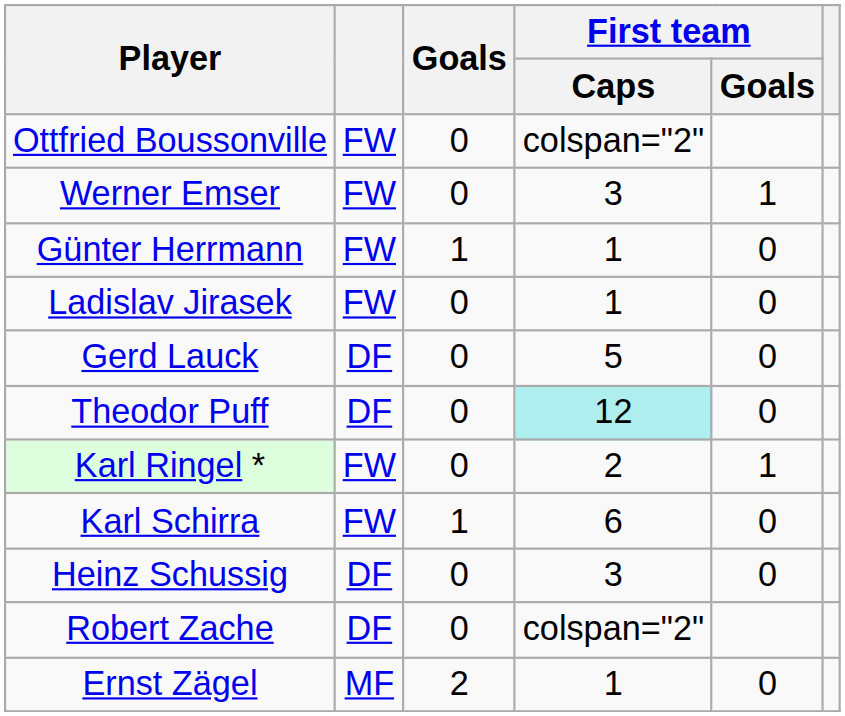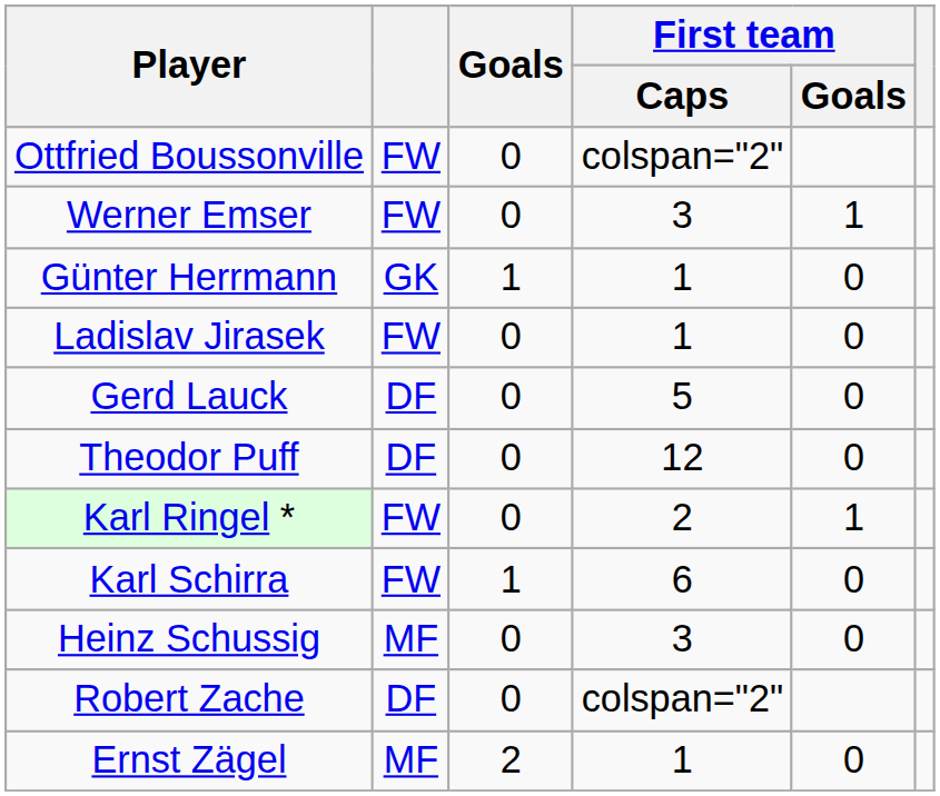 <table class="wikitable sortable" style="text-align:center">
 <tr>
 <th rowspan="2">Player</th>
 <th rowspan="2"></th>
 <th rowspan="2">Goals</th>
 <th colspan="2"><a href='#'>First team</a></th>
 <th class="unsortable" rowspan="2"></th>
 </tr>
 <tr class="unsortable">
 <th>Caps</th>
 <th>Goals</th>
 </tr>
 <tr>
 <td data-sort-value="Boussonville, Ottfried"><a href='#'>Ottfried Boussonville</a></td>
 <td data-sort-value="4"><a href='#'>FW</a></td>
 <td>0</td>
 <td>colspan="2" </td>
 <td></td>
 </tr>
 <tr>
 <td data-sort-value="Emser, Werner"><a href='#'>Werner Emser</a></td>
 <td data-sort-value="4"><a href='#'>FW</a></td>
 <td>0</td>
 <td>3</td>
 <td>1</td>
 <td></td>
 </tr>
 <tr>
 <td data-sort-value="Herrmann, Gunter"><a href='#'>Günter Herrmann</a></td>
-<td data-sort-value="4"><a href='#'>FW</a></td>
+<td data-sort-value="1"><a href='#'>GK</a></td>
 <td>1</td>
 <td>1</td>
 <td>0</td>
 <td></td>
 </tr>
 <tr>
 <td data-sort-value="Jirasek, Ladislav"><a href='#'>Ladislav Jirasek</a></td>
 <td data-sort-value="4"><a href='#'>FW</a></td>
 <td>0</td>
 <td>1</td>
 <td>0</td>
 <td></td>
 </tr>
 <tr>
 <td data-sort-value="Lauck, Gerd"><a href='#'>Gerd Lauck</a></td>
 <td data-sort-value="2"><a href='#'>DF</a></td>
 <td>0</td>
 <td>5</td>
 <td>0</td>
 <td></td>
 </tr>
 <tr>
 <td data-sort-value="Puff, Theodor"><a href='#'>Theodor Puff</a></td>
 <td data-sort-value="2"><a href='#'>DF</a></td>
 <td>0</td>
-<td style="background: paleturquoise;">12</td>
+<td>12</td>
 <td>0</td>
 <td></td>
 </tr>
 <tr>
 <td data-sort-value="Ringel, Karl" style="background:#DDFFDD"><a href='#'>Karl Ringel</a> *</td>
 <td data-sort-value="4"><a href='#'>FW</a></td>
 <td>0</td>
 <td>2</td>
 <td>1</td>
 <td></td>
 </tr>
 <tr>
 <td data-sort-value="Schirra, Karl"><a href='#'>Karl Schirra</a></td>
 <td data-sort-value="4"><a href='#'>FW</a></td>
 <td>1</td>
 <td>6</td>
 <td>0</td>
 <td></td>
 </tr>
 <tr>
 <td data-sort-value="Schussig, Heinz"><a href='#'>Heinz Schussig</a></td>
-<td data-sort-value="2"><a href='#'>DF</a></td>
+<td data-sort-value="3"><a href='#'>MF</a></td>
 <td>0</td>
 <td>3</td>
 <td>0</td>
 <td></td>
 </tr>
 <tr>
 <td data-sort-value="Zache, Robert"><a href='#'>Robert Zache</a></td>
 <td data-sort-value="2"><a href='#'>DF</a></td>
 <td>0</td>
 <td>colspan="2" </td>
 <td></td>
 </tr>
 <tr>
 <td data-sort-value="Zagel, Ernst"><a href='#'>Ernst Zägel</a></td>
 <td data-sort-value="3"><a href='#'>MF</a></td>
 <td>2</td>
 <td>1</td>
 <td>0</td>
 <td></td>
 </tr>
 </table>
